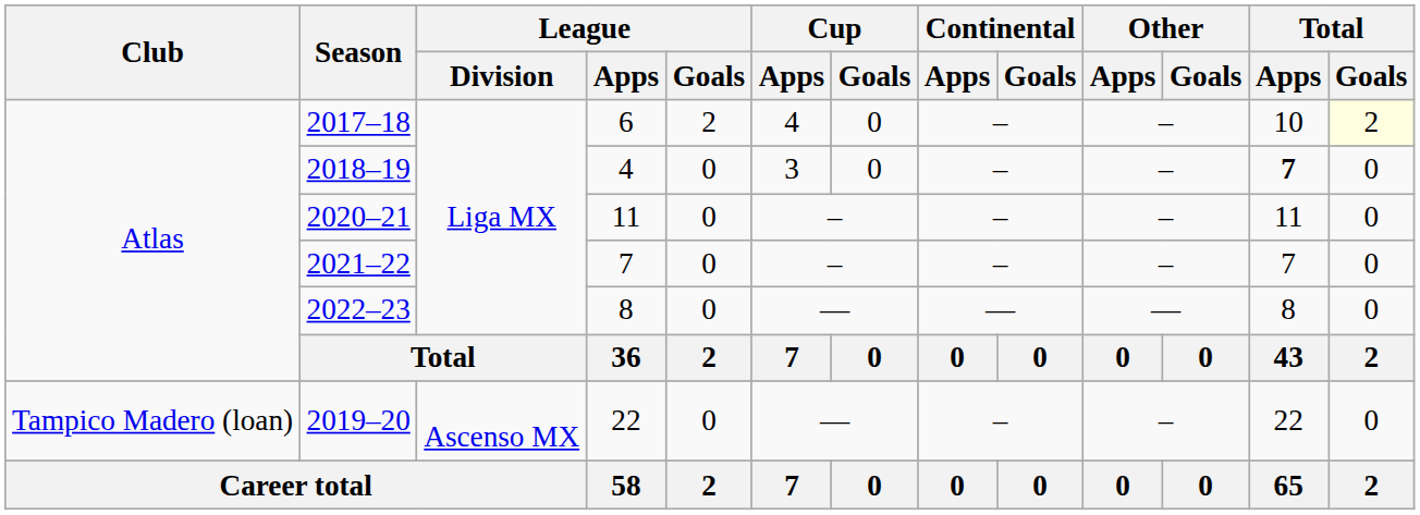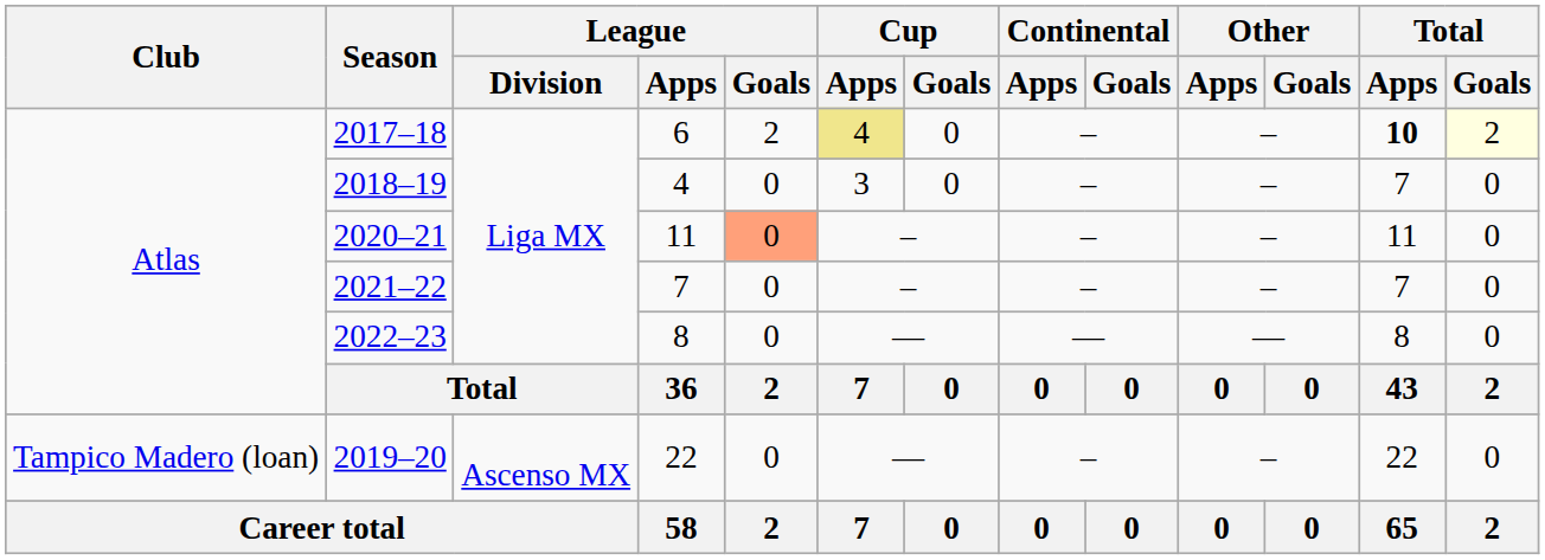 <table class="wikitable" style="text-align: center">
 <tr>
 <th rowspan="2">Club</th>
 <th rowspan="2">Season</th>
 <th colspan="3">League</th>
 <th colspan="2">Cup</th>
 <th colspan="2">Continental</th>
 <th colspan="2">Other</th>
 <th colspan="2">Total</th>
 </tr>
 <tr>
 <th>Division</th>
 <th>Apps</th>
 <th>Goals</th>
 <th>Apps</th>
 <th>Goals</th>
 <th>Apps</th>
 <th>Goals</th>
 <th>Apps</th>
 <th>Goals</th>
 <th>Apps</th>
 <th>Goals</th>
 </tr>
 <tr>
 <td rowspan="6"><a href='#'>Atlas</a></td>
 <td><a href='#'>2017–18</a></td>
 <td rowspan="5"><a href='#'>Liga MX</a></td>
 <td>6</td>
 <td>2</td>
-<td>4</td>
+<td style="background: khaki;">4</td>
 <td>0</td>
 <td colspan=2>–</td>
 <td colspan=2>–</td>
-<td>10</td>
+<td><strong>10</strong></td>
 <td style="background: lightyellow;">2</td>
 </tr>
 <tr>
 <td><a href='#'>2018–19</a></td>
 <td>4</td>
 <td>0</td>
 <td>3</td>
 <td>0</td>
 <td colspan=2>–</td>
 <td colspan=2>–</td>
-<td><strong>7</strong></td>
+<td>7</td>
 <td>0</td>
 </tr>
 <tr>
 <td><a href='#'>2020–21</a></td>
 <td>11</td>
-<td>0</td>
+<td style="background: lightsalmon;">0</td>
 <td colspan=2>–</td>
 <td colspan=2>–</td>
 <td colspan=2>–</td>
 <td>11</td>
 <td>0</td>
 </tr>
 <tr>
 <td><a href='#'>2021–22</a></td>
 <td>7</td>
 <td>0</td>
 <td colspan=2>–</td>
 <td colspan=2>–</td>
 <td colspan=2>–</td>
 <td>7</td>
 <td>0</td>
 </tr>
 <tr>
 <td><a href='#'>2022–23</a></td>
 <td>8</td>
 <td>0</td>
 <td colspan=2>—</td>
 <td colspan=2>—</td>
 <td colspan=2>—</td>
 <td>8</td>
 <td>0</td>
 </tr>
 <tr>
 <th colspan="2">Total</th>
 <th>36</th>
 <th>2</th>
 <th>7</th>
 <th>0</th>
 <th>0</th>
 <th>0</th>
 <th>0</th>
 <th>0</th>
 <th>43</th>
 <th>2</th>
 </tr>
 <tr>
 <td><a href='#'>Tampico Madero</a> (loan)</td>
 <td><a href='#'>2019–20</a></td>
 <td><br><a href='#'>Ascenso MX</a></td>
 <td>22</td>
 <td>0</td>
 <td colspan=2>—</td>
 <td colspan=2>–</td>
 <td colspan=2>–</td>
 <td>22</td>
 <td>0</td>
 </tr>
 <tr>
 <th colspan="3"><strong>Career total</strong></th>
 <th>58</th>
 <th>2</th>
 <th>7</th>
 <th>0</th>
 <th>0</th>
 <th>0</th>
 <th>0</th>
 <th>0</th>
 <th>65</th>
 <th>2</th>
 </tr>
 </table>
